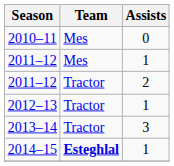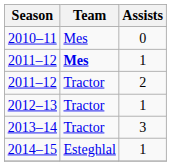 <table class="wikitable" style="text-align: center;">
 <tr>
 <th>Season</th>
 <th>Team</th>
 <th>Assists</th>
 </tr>
 <tr>
 <td><a href='#'>2010–11</a></td>
 <td align="left"><a href='#'>Mes</a></td>
 <td>0</td>
 </tr>
 <tr>
 <td><a href='#'>2011–12</a></td>
-<td align="left"><a href='#'>Mes</a></td>
+<td align="left"><strong><a href='#'>Mes</a></strong></td>
 <td>1</td>
 </tr>
 <tr>
 <td><a href='#'>2011–12</a></td>
 <td align="left"><a href='#'>Tractor</a></td>
 <td>2</td>
 </tr>
 <tr>
 <td><a href='#'>2012–13</a></td>
 <td align="left"><a href='#'>Tractor</a></td>
 <td>1</td>
 </tr>
 <tr>
 <td><a href='#'>2013–14</a></td>
 <td align="left"><a href='#'>Tractor</a></td>
 <td>3</td>
 </tr>
 <tr>
 <td><a href='#'>2014–15</a></td>
-<td align="left"><strong><a href='#'>Esteghlal</a></strong></td>
+<td align="left"><a href='#'>Esteghlal</a></td>
 <td>1</td>
 </tr>
 <tr>
 </tr>
 </table>
